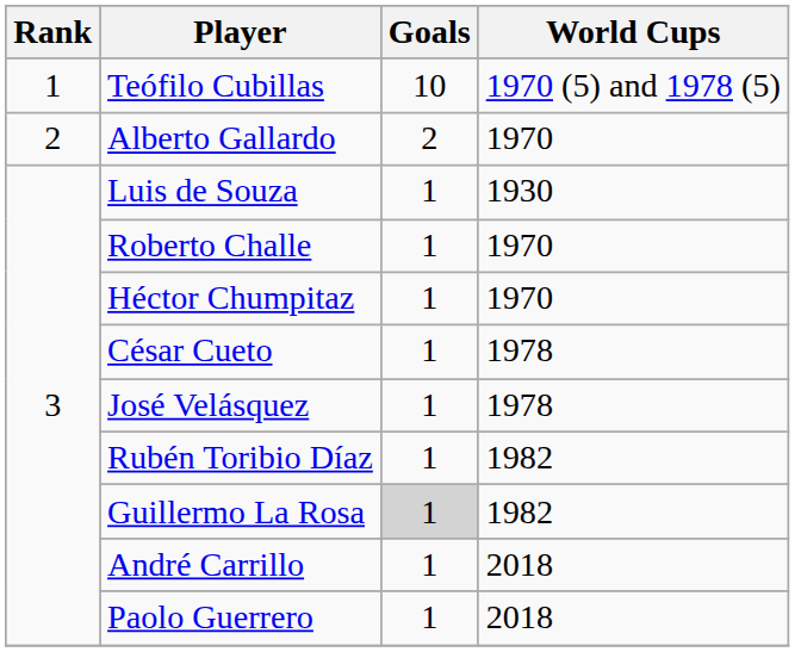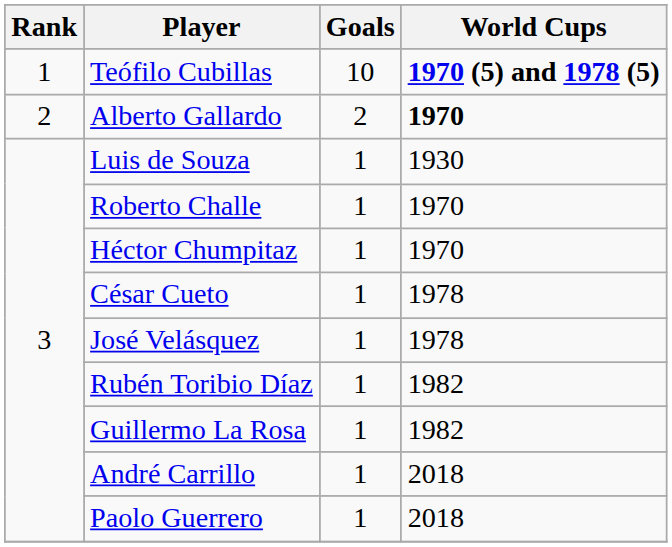 <table class="wikitable" style="text-align: left;">
 <tr>
 <th>Rank</th>
 <th>Player</th>
 <th>Goals</th>
 <th>World Cups</th>
 </tr>
 <tr>
 <td align=center>1</td>
 <td><a href='#'>Teófilo Cubillas</a></td>
 <td align=center>10</td>
-<td><a href='#'>1970</a> (5) and <a href='#'>1978</a> (5)</td>
+<td><strong><a href='#'>1970</a> (5) and <a href='#'>1978</a> (5)</strong></td>
 </tr>
 <tr>
 <td align=center>2</td>
 <td><a href='#'>Alberto Gallardo</a></td>
 <td align=center>2</td>
-<td>1970</td>
+<td><strong>1970</strong></td>
 </tr>
 <tr>
 <td rowspan=9 align=center>3</td>
 <td><a href='#'>Luis de Souza</a></td>
 <td align=center>1</td>
 <td>1930</td>
 </tr>
 <tr>
 <td><a href='#'>Roberto Challe</a></td>
 <td align=center>1</td>
 <td>1970</td>
 </tr>
 <tr>
 <td><a href='#'>Héctor Chumpitaz</a></td>
 <td align=center>1</td>
 <td>1970</td>
 </tr>
 <tr>
 <td><a href='#'>César Cueto</a></td>
 <td align=center>1</td>
 <td>1978</td>
 </tr>
 <tr>
 <td><a href='#'>José Velásquez</a></td>
 <td align=center>1</td>
 <td>1978</td>
 </tr>
 <tr>
 <td><a href='#'>Rubén Toribio Díaz</a></td>
 <td align=center>1</td>
 <td>1982</td>
 </tr>
 <tr>
 <td><a href='#'>Guillermo La Rosa</a></td>
-<td align=center style="background: lightgrey;">1</td>
+<td align=center>1</td>
 <td>1982</td>
 </tr>
 <tr>
 <td><a href='#'>André Carrillo</a></td>
 <td align=center>1</td>
 <td>2018</td>
 </tr>
 <tr>
 <td><a href='#'>Paolo Guerrero</a></td>
 <td align=center>1</td>
 <td>2018</td>
 </tr>
 <tr>
 </tr>
 </table>
